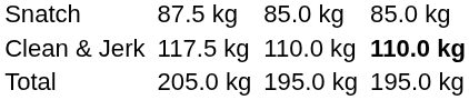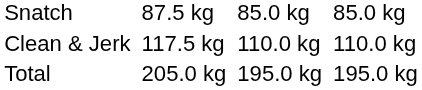 <table>
 <tr>
 <td>Snatch</td>
 <td></td>
 <td>87.5 kg</td>
 <td></td>
 <td>85.0 kg</td>
 <td></td>
 <td>85.0 kg</td>
 </tr>
 <tr>
 <td>Clean & Jerk</td>
 <td></td>
 <td>117.5 kg</td>
 <td></td>
 <td>110.0 kg</td>
 <td></td>
-<td><strong>110.0 kg</strong></td>
+<td>110.0 kg</td>
 </tr>
 <tr>
 <td>Total</td>
 <td></td>
 <td>205.0 kg</td>
 <td></td>
 <td>195.0 kg</td>
 <td></td>
 <td>195.0 kg</td>
 </tr>
 </table>
